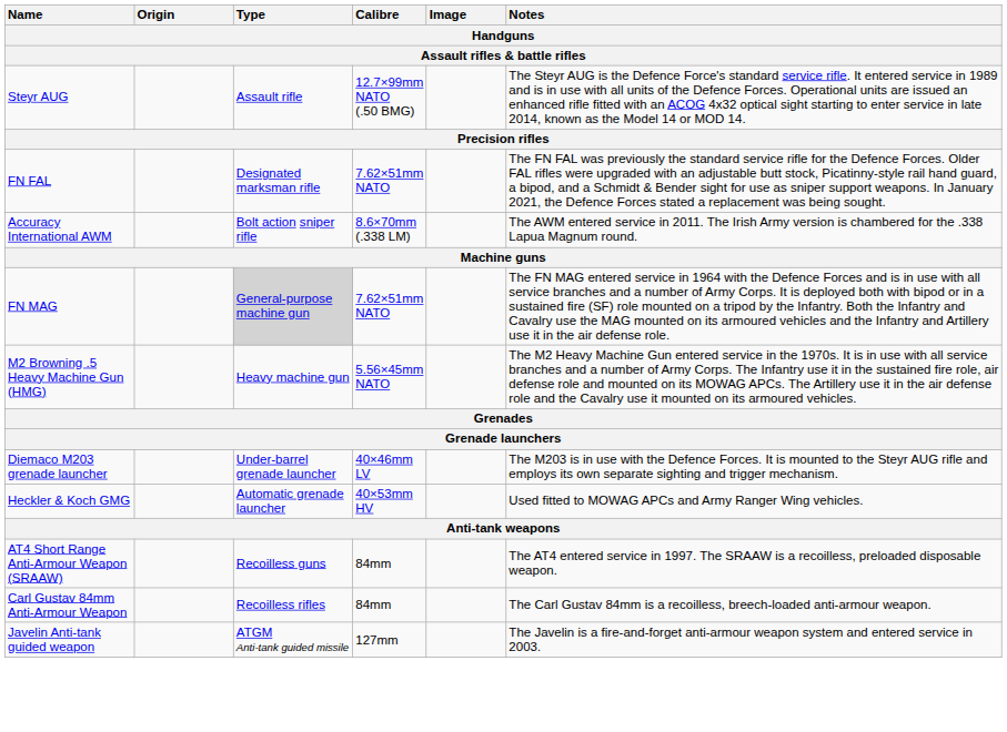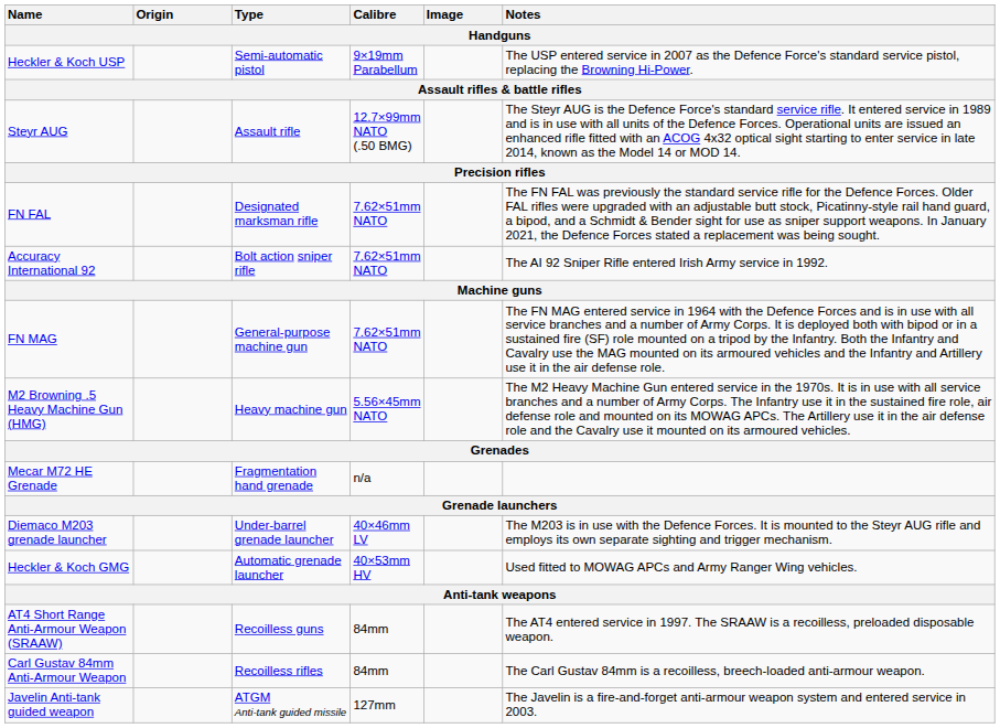 <table class="wikitable">
 <tr>
 <th style="text-align: left; width:13%;">Name</th>
 <th style="text-align: left; width:10%;">Origin</th>
 <th style="text-align: left; width:12%;">Type</th>
 <th style="text-align: left; width:7%;">Calibre</th>
 <th style="text-align: left; width:8%; ">Image</th>
 <th style="text-align: left; width:50%;">Notes</th>
 </tr>
 <tr>
 <th colspan="6" style="align: center;">Handguns</th>
+</tr>
+<tr>
+<td><a href='#'>Heckler & Koch USP</a></td>
+<td></td>
+<td><a href='#'>Semi-automatic pistol</a></td>
+<td><a href='#'>9×19mm Parabellum</a></td>
+<td></td>
+<td>The USP entered service in 2007 as the Defence Force's standard service pistol, replacing the <a href='#'>Browning Hi-Power</a>.</td>
 </tr>
 <tr>
 <th colspan="6">Assault rifles & battle rifles</th>
 </tr>
 <tr>
 <td><a href='#'>Steyr AUG</a></td>
 <td></td>
 <td><a href='#'>Assault rifle</a></td>
 <td><a href='#'>12.7×99mm NATO</a><br>(.50 BMG)</td>
 <td></td>
 <td>The Steyr AUG is the Defence Force's standard <a href='#'>service rifle</a>. It entered service in 1989 and is in use with all units of the Defence Forces. Operational units are issued an enhanced rifle fitted with an <a href='#'>ACOG</a> 4x32 optical sight starting to enter service in late 2014, known as the Model 14 or MOD 14.</td>
 </tr>
 <tr>
 <th colspan="6">Precision rifles</th>
 </tr>
 <tr>
 <td><a href='#'>FN FAL</a></td>
 <td></td>
 <td><a href='#'>Designated marksman rifle</a></td>
 <td><a href='#'>7.62×51mm NATO</a></td>
 <td></td>
 <td>The FN FAL was previously the standard service rifle for the Defence Forces. Older FAL rifles were upgraded with an adjustable butt stock, Picatinny-style rail hand guard, a bipod, and a Schmidt & Bender sight for use as sniper support weapons. In January 2021, the Defence Forces stated a replacement was being sought.</td>
 </tr>
 <tr>
-<td><a href='#'>Accuracy International AWM</a></td>
+<td><a href='#'>Accuracy International 92</a></td>
 <td></td>
 <td><a href='#'>Bolt action</a> <a href='#'>sniper rifle</a></td>
-<td><a href='#'>8.6×70mm</a> (.338 LM)</td>
+<td><a href='#'>7.62×51mm NATO</a></td>
 <td></td>
-<td>The AWM entered service in 2011. The Irish Army version is chambered for the .338 Lapua Magnum round.</td>
+<td>The AI 92 Sniper Rifle entered Irish Army service in 1992.</td>
 </tr>
 <tr>
 <th colspan="6">Machine guns</th>
 </tr>
 <tr>
 <td><a href='#'>FN MAG</a></td>
 <td></td>
-<td style="background: lightgrey;"><a href='#'>General-purpose machine gun</a></td>
+<td><a href='#'>General-purpose machine gun</a></td>
 <td><a href='#'>7.62×51mm NATO</a></td>
 <td></td>
 <td>The FN MAG entered service in 1964 with the Defence Forces and is in use with all service branches and a number of Army Corps. It is deployed both with bipod or in a sustained fire (SF) role mounted on a tripod by the Infantry. Both the Infantry and Cavalry use the MAG mounted on its armoured vehicles and the Infantry and Artillery use it in the air defense role.</td>
 </tr>
 <tr>
 <td><a href='#'>M2 Browning .5 Heavy Machine Gun (HMG)</a></td>
 <td><br></td>
 <td><a href='#'>Heavy machine gun</a></td>
 <td><a href='#'>5.56×45mm NATO</a></td>
 <td></td>
 <td>The M2 Heavy Machine Gun entered service in the 1970s. It is in use with all service branches and a number of Army Corps. The Infantry use it in the sustained fire role, air defense role and mounted on its MOWAG APCs. The Artillery use it in the air defense role and the Cavalry use it mounted on its armoured vehicles.</td>
 </tr>
 <tr>
 <th colspan="6">Grenades</th>
+</tr>
+<tr>
+<td><a href='#'>Mecar M72 HE Grenade</a></td>
+<td></td>
+<td><a href='#'>Fragmentation</a> <a href='#'>hand grenade</a></td>
+<td>n/a</td>
+<td></td>
+<td></td>
 </tr>
 <tr>
 <th colspan="6">Grenade launchers</th>
 </tr>
 <tr>
 <td><a href='#'>Diemaco M203 grenade launcher</a></td>
 <td></td>
 <td><a href='#'>Under-barrel grenade launcher</a></td>
 <td><a href='#'>40×46mm LV</a></td>
 <td></td>
 <td>The M203 is in use with the Defence Forces. It is mounted to the Steyr AUG rifle and employs its own separate sighting and trigger mechanism.</td>
 </tr>
 <tr>
 <td><a href='#'>Heckler & Koch GMG</a></td>
 <td></td>
 <td><a href='#'>Automatic grenade launcher</a></td>
 <td><a href='#'>40×53mm HV</a></td>
 <td></td>
 <td>Used fitted to MOWAG APCs and Army Ranger Wing vehicles.</td>
 </tr>
 <tr>
 <th colspan="6">Anti-tank weapons</th>
 </tr>
 <tr>
 <td><a href='#'>AT4 Short Range Anti-Armour Weapon (SRAAW)</a></td>
 <td></td>
 <td><a href='#'>Recoilless guns</a></td>
 <td>84mm</td>
 <td></td>
 <td>The AT4 entered service in 1997. The SRAAW is a recoilless, preloaded disposable weapon.</td>
 </tr>
 <tr>
 <td><a href='#'>Carl Gustav 84mm Anti-Armour Weapon</a></td>
 <td></td>
 <td><a href='#'>Recoilless rifles</a></td>
 <td>84mm</td>
 <td></td>
 <td>The Carl Gustav 84mm is a recoilless, breech-loaded anti-armour weapon.</td>
 </tr>
 <tr>
 <td><a href='#'>Javelin Anti-tank guided weapon</a></td>
 <td></td>
 <td><a href='#'>ATGM</a><br><em><small>Anti-tank guided missile</small></em></td>
 <td>127mm</td>
 <td></td>
 <td>The Javelin is a fire-and-forget anti-armour weapon system and entered service in 2003.</td>
 </tr>
 </table>
